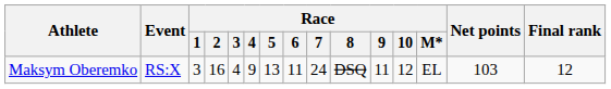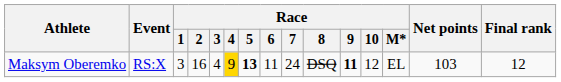 <table class="wikitable" style="font-size:90%">
 <tr>
 <th rowspan="2">Athlete</th>
 <th rowspan="2">Event</th>
 <th colspan=11>Race</th>
 <th rowspan=2>Net points</th>
 <th rowspan=2>Final rank</th>
 </tr>
 <tr style="font-size:95%">
 <th>1</th>
 <th>2</th>
 <th>3</th>
 <th>4</th>
 <th>5</th>
 <th>6</th>
 <th>7</th>
 <th>8</th>
 <th>9</th>
 <th>10</th>
 <th>M*</th>
 </tr>
 <tr align=center>
 <td align=left><a href='#'>Maksym Oberemko</a></td>
 <td align=left><a href='#'>RS:X</a></td>
 <td>3</td>
 <td>16</td>
 <td>4</td>
-<td>9</td>
-<td>13</td>
+<td style="background: gold;">9</td>
+<td><strong>13</strong></td>
 <td>11</td>
 <td>24</td>
 <td><s>DSQ</s></td>
-<td>11</td>
+<td><strong>11</strong></td>
 <td>12</td>
 <td>EL</td>
 <td>103</td>
 <td>12</td>
 </tr>
 </table>
